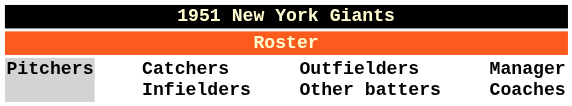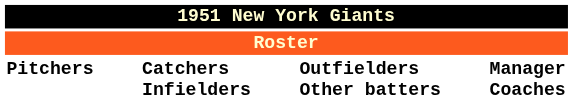 <table class="toccolours" style="font-size: 95%;">
 <tr>
 <th colspan="10" style="background-color: black; color: #FFFDD0; text-align: center;">1951 New York Giants</th>
 </tr>
 <tr>
 <td colspan="10" style="background-color: #fd5a1e; color: #FFFDD0; text-align: center;"><strong>Roster</strong></td>
 </tr>
 <tr>
-<td valign="top" style="background: lightgrey;"><strong>Pitchers</strong><br>             </td>
+<td valign="top"><strong>Pitchers</strong><br>             </td>
 <td width="25px"></td>
 <td valign="top"><strong>Catchers</strong><br>   <strong>Infielders</strong>        </td>
 <td width="25px"></td>
 <td valign="top"><strong>Outfielders</strong><br>       <strong>Other batters</strong>  </td>
 <td width="25px"></td>
 <td valign="top"><strong>Manager</strong><br> <strong>Coaches</strong>   </td>
 </tr>
 <tr>
 </tr>
 </table>
